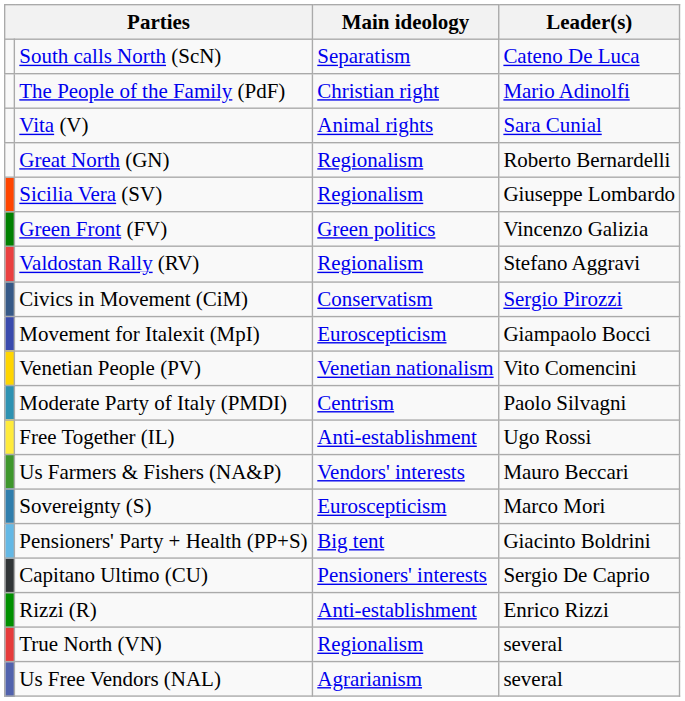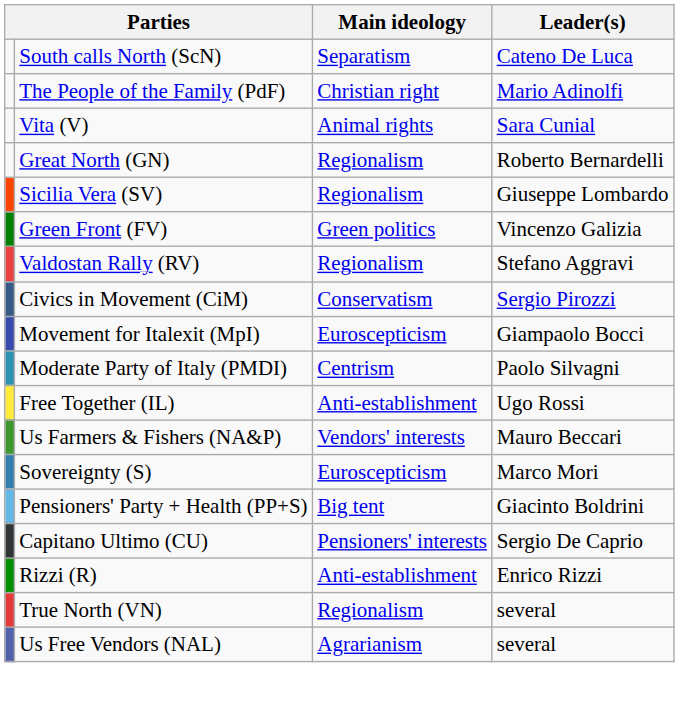 <table class="wikitable" style="font-size:95%">
 <tr>
 <th colspan=2>Parties</th>
 <th>Main ideology</th>
 <th>Leader(s)</th>
 </tr>
 <tr>
 <td></td>
 <td><a href='#'>South calls North</a> (ScN)</td>
 <td><a href='#'>Separatism</a></td>
 <td><a href='#'>Cateno De Luca</a></td>
 </tr>
 <tr>
 <td></td>
 <td><a href='#'>The People of the Family</a> (PdF)</td>
 <td><a href='#'>Christian right</a></td>
 <td><a href='#'>Mario Adinolfi</a></td>
 </tr>
 <tr>
 <td></td>
 <td><a href='#'>Vita</a> (V)</td>
 <td><a href='#'>Animal rights</a></td>
 <td><a href='#'>Sara Cunial</a></td>
 </tr>
 <tr>
 <td></td>
 <td><a href='#'>Great North</a> (GN)</td>
 <td><a href='#'>Regionalism</a></td>
 <td>Roberto Bernardelli</td>
 </tr>
 <tr>
 <td bgcolor="#FF4500"></td>
 <td><a href='#'>Sicilia Vera</a> (SV)</td>
 <td><a href='#'>Regionalism</a></td>
 <td>Giuseppe Lombardo</td>
 </tr>
 <tr>
 <td bgcolor="#008000"></td>
 <td><a href='#'>Green Front</a> (FV)</td>
 <td><a href='#'>Green politics</a></td>
 <td>Vincenzo Galizia</td>
 </tr>
 <tr>
 <td bgcolor="#EA4040"></td>
 <td><a href='#'>Valdostan Rally</a> (RV)</td>
 <td><a href='#'>Regionalism</a></td>
 <td>Stefano Aggravi</td>
 </tr>
 <tr>
 <td bgcolor="#365987"></td>
 <td>Civics in Movement (CiM)</td>
 <td><a href='#'>Conservatism</a></td>
 <td><a href='#'>Sergio Pirozzi</a></td>
 </tr>
 <tr>
 <td bgcolor="#394AAD"></td>
 <td>Movement for Italexit (MpI)</td>
 <td><a href='#'>Euroscepticism</a></td>
 <td>Giampaolo Bocci</td>
 </tr>
 <tr>
-<td bgcolor="#FFD500"></td>
-<td>Venetian People (PV)</td>
-<td><a href='#'>Venetian nationalism</a></td>
-<td>Vito Comencini</td>
-</tr>
-<tr>
 <td bgcolor="#2E92B2"></td>
 <td>Moderate Party of Italy (PMDI)</td>
 <td><a href='#'>Centrism</a></td>
 <td>Paolo Silvagni</td>
 </tr>
 <tr>
 <td bgcolor="#FFEB3B"></td>
 <td>Free Together (IL)</td>
 <td><a href='#'>Anti-establishment</a></td>
 <td>Ugo Rossi</td>
 </tr>
 <tr>
 <td bgcolor="#3E972C"></td>
 <td>Us Farmers & Fishers (NA&P)</td>
 <td><a href='#'>Vendors' interests</a></td>
 <td>Mauro Beccari</td>
 </tr>
 <tr>
 <td bgcolor="#307EAD"></td>
 <td>Sovereignty (S)</td>
 <td><a href='#'>Euroscepticism</a></td>
 <td>Marco Mori</td>
 </tr>
 <tr>
 <td bgcolor="#64B8E5"></td>
 <td>Pensioners' Party + Health (PP+S)</td>
 <td><a href='#'>Big tent</a></td>
 <td>Giacinto Boldrini</td>
 </tr>
 <tr>
 <td bgcolor="#313537"></td>
 <td>Capitano Ultimo (CU)</td>
 <td><a href='#'>Pensioners' interests</a></td>
 <td>Sergio De Caprio</td>
 </tr>
 <tr>
 <td bgcolor="#009000"></td>
 <td>Rizzi (R)</td>
 <td><a href='#'>Anti-establishment</a></td>
 <td>Enrico Rizzi</td>
 </tr>
 <tr>
 <td bgcolor="#E63B3B"></td>
 <td>True North (VN)</td>
 <td><a href='#'>Regionalism</a></td>
 <td>several</td>
 </tr>
 <tr>
 <td bgcolor="#5162AD"></td>
 <td>Us Free Vendors (NAL)</td>
 <td><a href='#'>Agrarianism</a></td>
 <td>several</td>
 </tr>
 </table>
